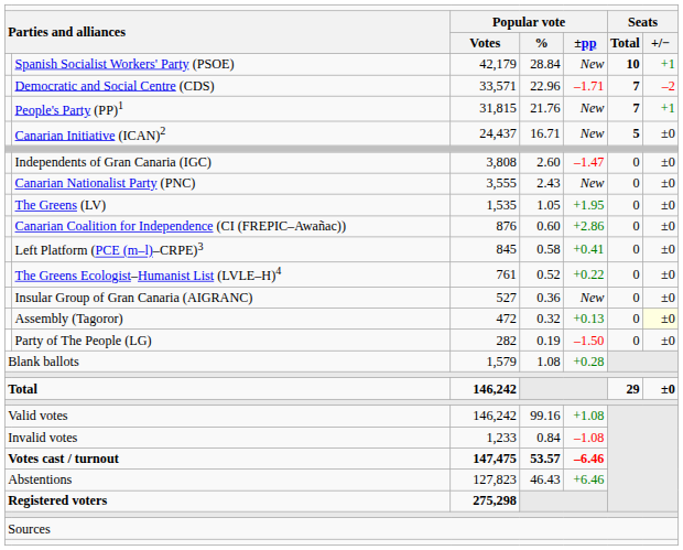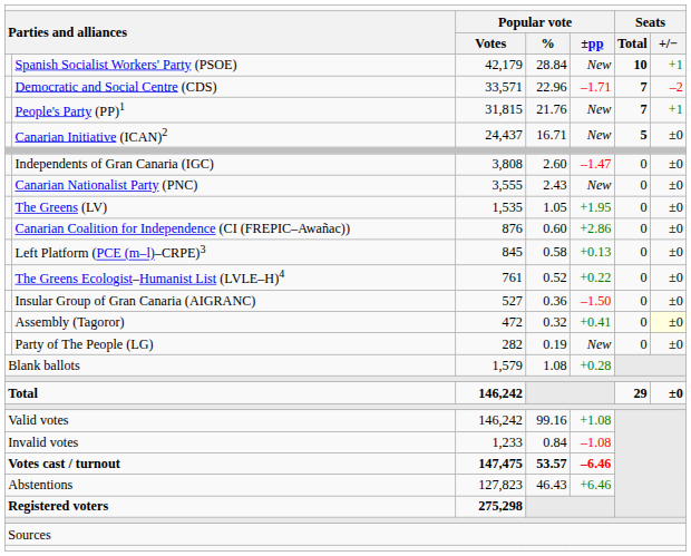 <table class="wikitable" style="text-align:right;">
 <tr>
 <td colspan="7"></td>
 </tr>
 <tr>
 <th style="text-align:left;" rowspan="2" colspan="2" width="525">Parties and alliances</th>
 <th colspan="3">Popular vote</th>
 <th colspan="2">Seats</th>
 </tr>
 <tr>
 <th width="75">Votes</th>
 <th width="45">%</th>
 <th width="45">±<a href='#'>pp</a></th>
 <th width="35">Total</th>
 <th width="35">+/−</th>
 </tr>
 <tr>
 <td width="1" style="color:inherit;background:"></td>
 <td align="left"><a href='#'>Spanish Socialist Workers' Party</a> (PSOE)</td>
 <td>42,179</td>
 <td>28.84</td>
 <td><em>New</em></td>
 <td><strong>10</strong></td>
 <td style="color:green;">+1</td>
 </tr>
 <tr>
 <td style="color:inherit;background:"></td>
 <td align="left"><a href='#'>Democratic and Social Centre</a> (CDS)</td>
 <td>33,571</td>
 <td>22.96</td>
 <td style="color:red;">–1.71</td>
 <td><strong>7</strong></td>
 <td style="color:red;">–2</td>
 </tr>
 <tr>
 <td style="color:inherit;background:"></td>
 <td align="left"><a href='#'>People's Party</a> (PP)<sup>1</sup></td>
 <td>31,815</td>
 <td>21.76</td>
 <td><em>New</em></td>
 <td><strong>7</strong></td>
 <td style="color:green;">+1</td>
 </tr>
 <tr>
 <td style="color:inherit;background:"></td>
 <td align="left"><a href='#'>Canarian Initiative</a> (ICAN)<sup>2</sup></td>
 <td>24,437</td>
 <td>16.71</td>
 <td><em>New</em></td>
 <td><strong>5</strong></td>
 <td>±0</td>
 </tr>
 <tr>
 <td colspan="7" bgcolor="#C0C0C0"></td>
 </tr>
 <tr>
 <td style="color:inherit;background:"></td>
 <td align="left">Independents of Gran Canaria (IGC)</td>
 <td>3,808</td>
 <td>2.60</td>
 <td style="color:red;">–1.47</td>
 <td>0</td>
 <td>±0</td>
 </tr>
 <tr>
 <td style="color:inherit;background:"></td>
 <td align="left"><a href='#'>Canarian Nationalist Party</a> (PNC)</td>
 <td>3,555</td>
 <td>2.43</td>
 <td><em>New</em></td>
 <td>0</td>
 <td>±0</td>
 </tr>
 <tr>
 <td style="color:inherit;background:"></td>
 <td align="left"><a href='#'>The Greens</a> (LV)</td>
 <td>1,535</td>
 <td>1.05</td>
 <td style="color:green;">+1.95</td>
 <td>0</td>
 <td>±0</td>
 </tr>
 <tr>
 <td style="color:inherit;background:"></td>
 <td align="left"><a href='#'>Canarian Coalition for Independence</a> (CI (FREPIC–Awañac))</td>
 <td>876</td>
 <td>0.60</td>
 <td style="color:green;">+2.86</td>
 <td>0</td>
 <td>±0</td>
 </tr>
 <tr>
 <td style="color:inherit;background:"></td>
 <td align="left">Left Platform (<a href='#'>PCE (m–l)</a>–CRPE)<sup>3</sup></td>
 <td>845</td>
 <td>0.58</td>
-<td style="color:green;">+0.41</td>
+<td style="color:green;">+0.13</td>
 <td>0</td>
 <td>±0</td>
 </tr>
 <tr>
 <td style="color:inherit;background:"></td>
 <td align="left"><a href='#'>The Greens Ecologist</a>–<a href='#'>Humanist List</a> (LVLE–H)<sup>4</sup></td>
 <td>761</td>
 <td>0.52</td>
 <td style="color:green;">+0.22</td>
 <td>0</td>
 <td>±0</td>
 </tr>
 <tr>
 <td style="color:inherit;background:"></td>
 <td align="left">Insular Group of Gran Canaria (AIGRANC)</td>
 <td>527</td>
 <td>0.36</td>
-<td><em>New</em></td>
+<td style="color:red;">–1.50</td>
 <td>0</td>
 <td>±0</td>
 </tr>
 <tr>
 <td style="color:inherit;background:"></td>
 <td align="left">Assembly (Tagoror)</td>
 <td>472</td>
 <td>0.32</td>
-<td style="color:green;">+0.13</td>
+<td style="color:green;">+0.41</td>
 <td>0</td>
 <td style="background: lightyellow;">±0</td>
 </tr>
 <tr>
 <td bgcolor="white"></td>
 <td align="left">Party of The People (LG)</td>
 <td>282</td>
 <td>0.19</td>
-<td style="color:red;">–1.50</td>
+<td><em>New</em></td>
 <td>0</td>
 <td>±0</td>
 </tr>
 <tr>
 <td align="left" colspan="2">Blank ballots</td>
 <td>1,579</td>
 <td>1.08</td>
 <td style="color:green;">+0.28</td>
 <td bgcolor="#E9E9E9" colspan="2"></td>
 </tr>
 <tr>
 <td colspan="7" bgcolor="#E9E9E9"></td>
 </tr>
 <tr style="font-weight:bold;">
 <td align="left" colspan="2">Total</td>
 <td>146,242</td>
 <td bgcolor="#E9E9E9" colspan="2"></td>
 <td>29</td>
 <td>±0</td>
 </tr>
 <tr>
 <td colspan="7" bgcolor="#E9E9E9"></td>
 </tr>
 <tr>
 <td align="left" colspan="2">Valid votes</td>
 <td>146,242</td>
 <td>99.16</td>
 <td style="color:green;">+1.08</td>
 <td bgcolor="#E9E9E9" colspan="2" rowspan="5"></td>
 </tr>
 <tr>
 <td align="left" colspan="2">Invalid votes</td>
 <td>1,233</td>
 <td>0.84</td>
 <td style="color:red;">–1.08</td>
 </tr>
 <tr style="font-weight:bold;">
 <td align="left" colspan="2">Votes cast / turnout</td>
 <td>147,475</td>
 <td>53.57</td>
 <td style="color:red;">–6.46</td>
 </tr>
 <tr>
 <td align="left" colspan="2">Abstentions</td>
 <td>127,823</td>
 <td>46.43</td>
 <td style="color:green;">+6.46</td>
 </tr>
 <tr style="font-weight:bold;">
 <td align="left" colspan="2">Registered voters</td>
 <td>275,298</td>
 <td bgcolor="#E9E9E9" colspan="2"></td>
 </tr>
 <tr>
 <td colspan="7" bgcolor="#E9E9E9"></td>
 </tr>
 <tr>
 <td align="left" colspan="7">Sources</td>
 </tr>
 <tr>
 <td colspan="7" style="text-align:left; max-width:790px;"></td>
 </tr>
 </table>
